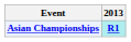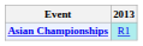 <table class="wikitable" style="font-size: 90%; text-align:center">
 <tr>
 <th>Event</th>
 <th>2013</th>
 </tr>
 <tr>
 <td bgcolor="#ECF2FF"; align="left"><strong><a href='#'>Asian Championships</a></strong></td>
-<td bgcolor=AFEEEE><strong><a href='#'>R1</a></strong></td>
+<td bgcolor=AFEEEE><a href='#'>R1</a></td>
 </tr>
 </table>
